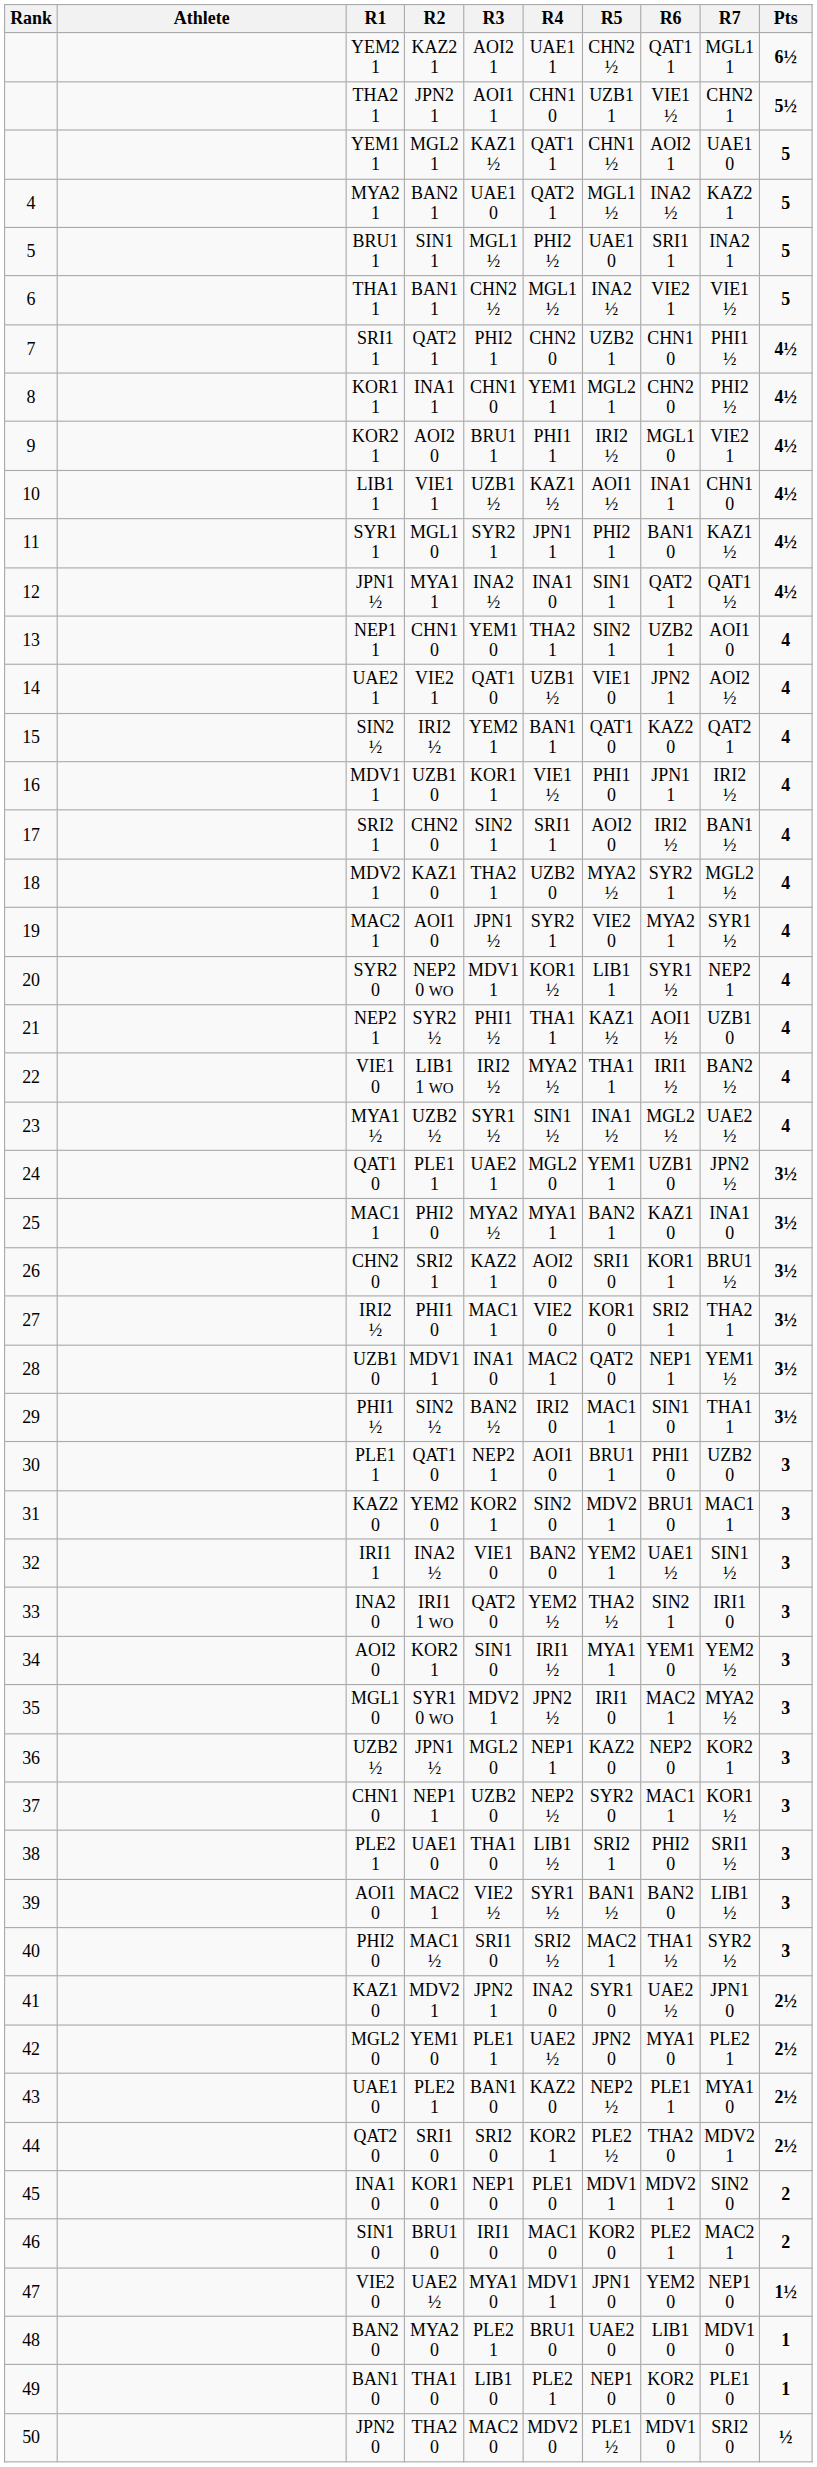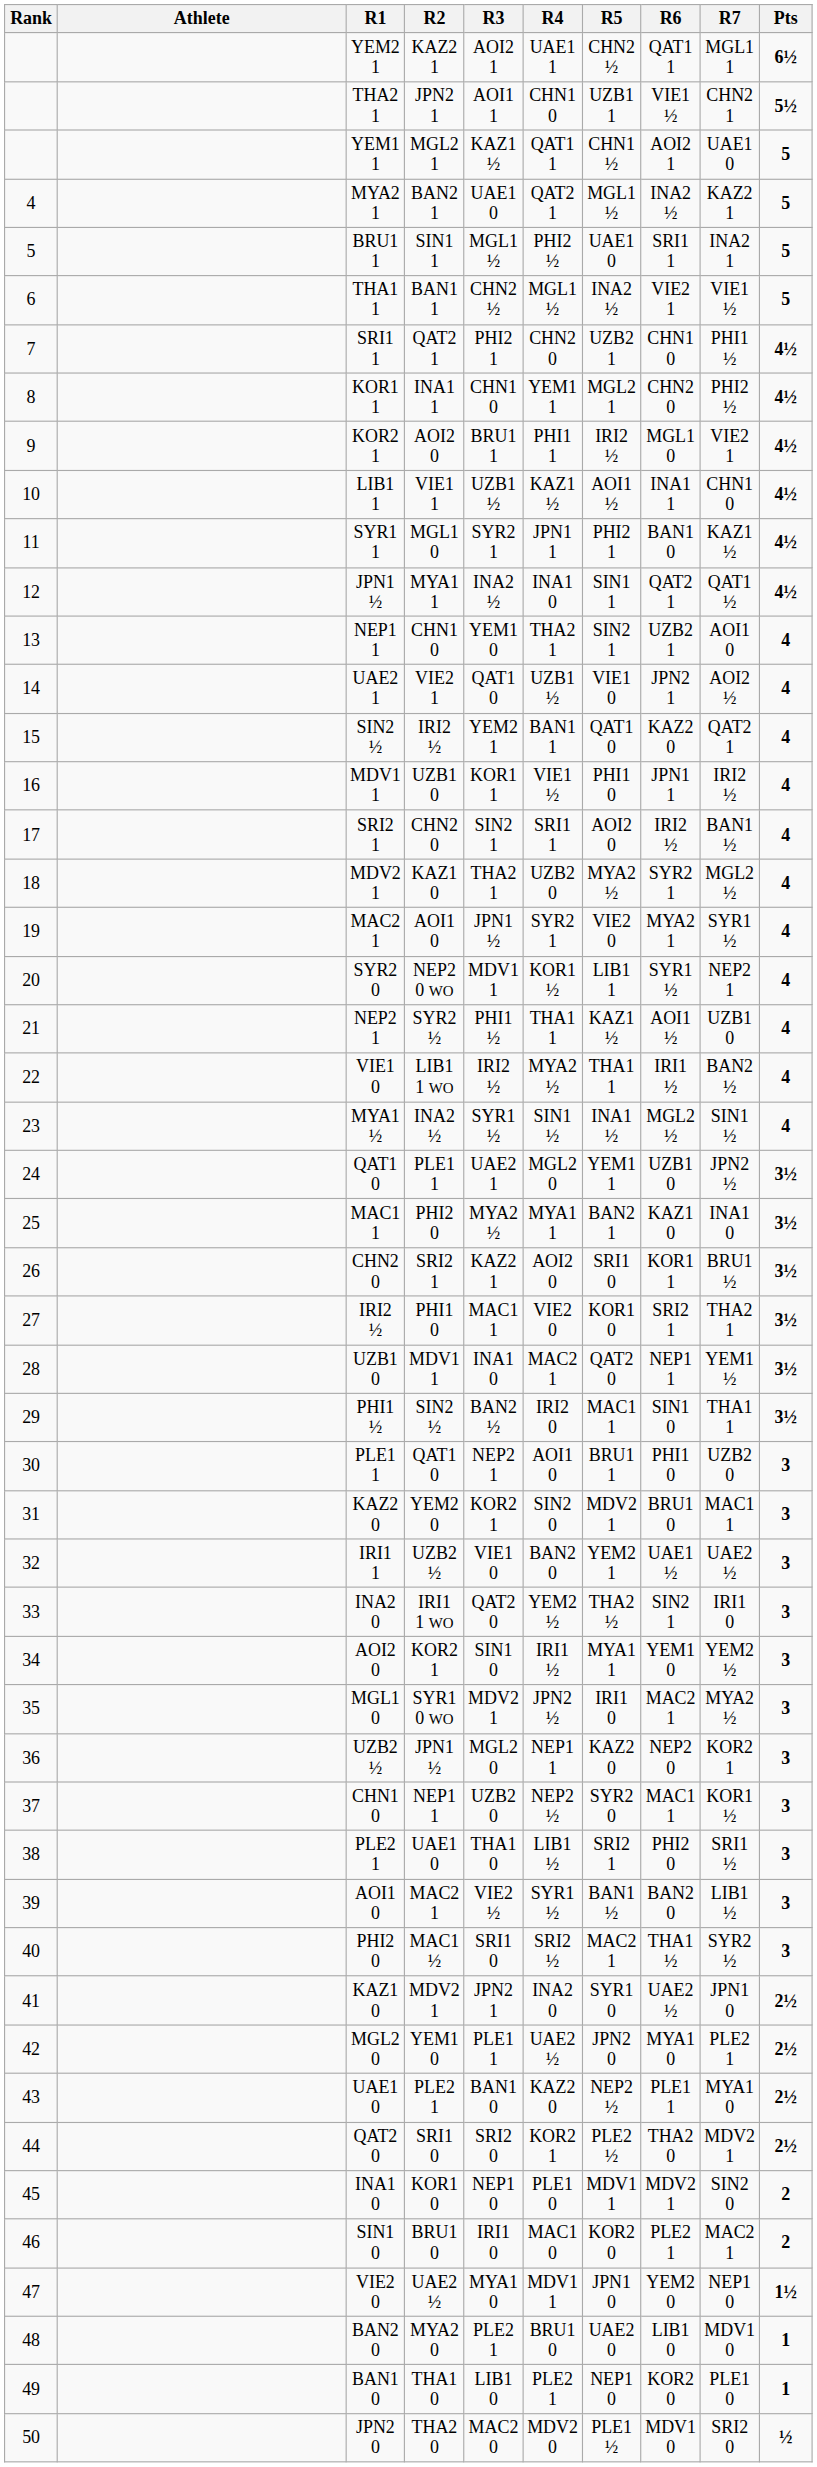 <table class=wikitable style="text-align:center">
 <tr>
 <th width=40>Rank</th>
 <th width=250>Athlete</th>
 <th width=40>R1</th>
 <th width=40>R2</th>
 <th width=40>R3</th>
 <th width=40>R4</th>
 <th width=40>R5</th>
 <th width=40>R6</th>
 <th width=40>R7</th>
 <th width=40>Pts</th>
 </tr>
 <tr>
 <td></td>
 <td align=left></td>
 <td>YEM2<br>1</td>
 <td>KAZ2<br>1</td>
 <td>AOI2<br>1</td>
 <td>UAE1<br>1</td>
 <td>CHN2<br>½</td>
 <td>QAT1<br>1</td>
 <td>MGL1<br>1</td>
 <td><strong>6½</strong></td>
 </tr>
 <tr>
 <td></td>
 <td align=left></td>
 <td>THA2<br>1</td>
 <td>JPN2<br>1</td>
 <td>AOI1<br>1</td>
 <td>CHN1<br>0</td>
 <td>UZB1<br>1</td>
 <td>VIE1<br>½</td>
 <td>CHN2<br>1</td>
 <td><strong>5½</strong></td>
 </tr>
 <tr>
 <td></td>
 <td align=left></td>
 <td>YEM1<br>1</td>
 <td>MGL2<br>1</td>
 <td>KAZ1<br>½</td>
 <td>QAT1<br>1</td>
 <td>CHN1<br>½</td>
 <td>AOI2<br>1</td>
 <td>UAE1<br>0</td>
 <td><strong>5</strong></td>
 </tr>
 <tr>
 <td>4</td>
 <td align=left></td>
 <td>MYA2<br>1</td>
 <td>BAN2<br>1</td>
 <td>UAE1<br>0</td>
 <td>QAT2<br>1</td>
 <td>MGL1<br>½</td>
 <td>INA2<br>½</td>
 <td>KAZ2<br>1</td>
 <td><strong>5</strong></td>
 </tr>
 <tr>
 <td>5</td>
 <td align=left></td>
 <td>BRU1<br>1</td>
 <td>SIN1<br>1</td>
 <td>MGL1<br>½</td>
 <td>PHI2<br>½</td>
 <td>UAE1<br>0</td>
 <td>SRI1<br>1</td>
 <td>INA2<br>1</td>
 <td><strong>5</strong></td>
 </tr>
 <tr>
 <td>6</td>
 <td align=left></td>
 <td>THA1<br>1</td>
 <td>BAN1<br>1</td>
 <td>CHN2<br>½</td>
 <td>MGL1<br>½</td>
 <td>INA2<br>½</td>
 <td>VIE2<br>1</td>
 <td>VIE1<br>½</td>
 <td><strong>5</strong></td>
 </tr>
 <tr>
 <td>7</td>
 <td align=left></td>
 <td>SRI1<br>1</td>
 <td>QAT2<br>1</td>
 <td>PHI2<br>1</td>
 <td>CHN2<br>0</td>
 <td>UZB2<br>1</td>
 <td>CHN1<br>0</td>
 <td>PHI1<br>½</td>
 <td><strong>4½</strong></td>
 </tr>
 <tr>
 <td>8</td>
 <td align=left></td>
 <td>KOR1<br>1</td>
 <td>INA1<br>1</td>
 <td>CHN1<br>0</td>
 <td>YEM1<br>1</td>
 <td>MGL2<br>1</td>
 <td>CHN2<br>0</td>
 <td>PHI2<br>½</td>
 <td><strong>4½</strong></td>
 </tr>
 <tr>
 <td>9</td>
 <td align=left></td>
 <td>KOR2<br>1</td>
 <td>AOI2<br>0</td>
 <td>BRU1<br>1</td>
 <td>PHI1<br>1</td>
 <td>IRI2<br>½</td>
 <td>MGL1<br>0</td>
 <td>VIE2<br>1</td>
 <td><strong>4½</strong></td>
 </tr>
 <tr>
 <td>10</td>
 <td align=left></td>
 <td>LIB1<br>1</td>
 <td>VIE1<br>1</td>
 <td>UZB1<br>½</td>
 <td>KAZ1<br>½</td>
 <td>AOI1<br>½</td>
 <td>INA1<br>1</td>
 <td>CHN1<br>0</td>
 <td><strong>4½</strong></td>
 </tr>
 <tr>
 <td>11</td>
 <td align=left></td>
 <td>SYR1<br>1</td>
 <td>MGL1<br>0</td>
 <td>SYR2<br>1</td>
 <td>JPN1<br>1</td>
 <td>PHI2<br>1</td>
 <td>BAN1<br>0</td>
 <td>KAZ1<br>½</td>
 <td><strong>4½</strong></td>
 </tr>
 <tr>
 <td>12</td>
 <td align=left></td>
 <td>JPN1<br>½</td>
 <td>MYA1<br>1</td>
 <td>INA2<br>½</td>
 <td>INA1<br>0</td>
 <td>SIN1<br>1</td>
 <td>QAT2<br>1</td>
 <td>QAT1<br>½</td>
 <td><strong>4½</strong></td>
 </tr>
 <tr>
 <td>13</td>
 <td align=left></td>
 <td>NEP1<br>1</td>
 <td>CHN1<br>0</td>
 <td>YEM1<br>0</td>
 <td>THA2<br>1</td>
 <td>SIN2<br>1</td>
 <td>UZB2<br>1</td>
 <td>AOI1<br>0</td>
 <td><strong>4</strong></td>
 </tr>
 <tr>
 <td>14</td>
 <td align=left></td>
 <td>UAE2<br>1</td>
 <td>VIE2<br>1</td>
 <td>QAT1<br>0</td>
 <td>UZB1<br>½</td>
 <td>VIE1<br>0</td>
 <td>JPN2<br>1</td>
 <td>AOI2<br>½</td>
 <td><strong>4</strong></td>
 </tr>
 <tr>
 <td>15</td>
 <td align=left></td>
 <td>SIN2<br>½</td>
 <td>IRI2<br>½</td>
 <td>YEM2<br>1</td>
 <td>BAN1<br>1</td>
 <td>QAT1<br>0</td>
 <td>KAZ2<br>0</td>
 <td>QAT2<br>1</td>
 <td><strong>4</strong></td>
 </tr>
 <tr>
 <td>16</td>
 <td align=left></td>
 <td>MDV1<br>1</td>
 <td>UZB1<br>0</td>
 <td>KOR1<br>1</td>
 <td>VIE1<br>½</td>
 <td>PHI1<br>0</td>
 <td>JPN1<br>1</td>
 <td>IRI2<br>½</td>
 <td><strong>4</strong></td>
 </tr>
 <tr>
 <td>17</td>
 <td align=left></td>
 <td>SRI2<br>1</td>
 <td>CHN2<br>0</td>
 <td>SIN2<br>1</td>
 <td>SRI1<br>1</td>
 <td>AOI2<br>0</td>
 <td>IRI2<br>½</td>
 <td>BAN1<br>½</td>
 <td><strong>4</strong></td>
 </tr>
 <tr>
 <td>18</td>
 <td align=left></td>
 <td>MDV2<br>1</td>
 <td>KAZ1<br>0</td>
 <td>THA2<br>1</td>
 <td>UZB2<br>0</td>
 <td>MYA2<br>½</td>
 <td>SYR2<br>1</td>
 <td>MGL2<br>½</td>
 <td><strong>4</strong></td>
 </tr>
 <tr>
 <td>19</td>
 <td align=left></td>
 <td>MAC2<br>1</td>
 <td>AOI1<br>0</td>
 <td>JPN1<br>½</td>
 <td>SYR2<br>1</td>
 <td>VIE2<br>0</td>
 <td>MYA2<br>1</td>
 <td>SYR1<br>½</td>
 <td><strong>4</strong></td>
 </tr>
 <tr>
 <td>20</td>
 <td align=left></td>
 <td>SYR2<br>0</td>
 <td>NEP2<br>0 <small>WO</small></td>
 <td>MDV1<br>1</td>
 <td>KOR1<br>½</td>
 <td>LIB1<br>1</td>
 <td>SYR1<br>½</td>
 <td>NEP2<br>1</td>
 <td><strong>4</strong></td>
 </tr>
 <tr>
 <td>21</td>
 <td align=left></td>
 <td>NEP2<br>1</td>
 <td>SYR2<br>½</td>
 <td>PHI1<br>½</td>
 <td>THA1<br>1</td>
 <td>KAZ1<br>½</td>
 <td>AOI1<br>½</td>
 <td>UZB1<br>0</td>
 <td><strong>4</strong></td>
 </tr>
 <tr>
 <td>22</td>
 <td align=left></td>
 <td>VIE1<br>0</td>
 <td>LIB1<br>1 <small>WO</small></td>
 <td>IRI2<br>½</td>
 <td>MYA2<br>½</td>
 <td>THA1<br>1</td>
 <td>IRI1<br>½</td>
 <td>BAN2<br>½</td>
 <td><strong>4</strong></td>
 </tr>
 <tr>
 <td>23</td>
 <td align=left></td>
 <td>MYA1<br>½</td>
-<td>UZB2<br>½</td>
+<td>INA2<br>½</td>
 <td>SYR1<br>½</td>
 <td>SIN1<br>½</td>
 <td>INA1<br>½</td>
 <td>MGL2<br>½</td>
-<td>UAE2<br>½</td>
+<td>SIN1<br>½</td>
 <td><strong>4</strong></td>
 </tr>
 <tr>
 <td>24</td>
 <td align=left></td>
 <td>QAT1<br>0</td>
 <td>PLE1<br>1</td>
 <td>UAE2<br>1</td>
 <td>MGL2<br>0</td>
 <td>YEM1<br>1</td>
 <td>UZB1<br>0</td>
 <td>JPN2<br>½</td>
 <td><strong>3½</strong></td>
 </tr>
 <tr>
 <td>25</td>
 <td align=left></td>
 <td>MAC1<br>1</td>
 <td>PHI2<br>0</td>
 <td>MYA2<br>½</td>
 <td>MYA1<br>1</td>
 <td>BAN2<br>1</td>
 <td>KAZ1<br>0</td>
 <td>INA1<br>0</td>
 <td><strong>3½</strong></td>
 </tr>
 <tr>
 <td>26</td>
 <td align=left></td>
 <td>CHN2<br>0</td>
 <td>SRI2<br>1</td>
 <td>KAZ2<br>1</td>
 <td>AOI2<br>0</td>
 <td>SRI1<br>0</td>
 <td>KOR1<br>1</td>
 <td>BRU1<br>½</td>
 <td><strong>3½</strong></td>
 </tr>
 <tr>
 <td>27</td>
 <td align=left></td>
 <td>IRI2<br>½</td>
 <td>PHI1<br>0</td>
 <td>MAC1<br>1</td>
 <td>VIE2<br>0</td>
 <td>KOR1<br>0</td>
 <td>SRI2<br>1</td>
 <td>THA2<br>1</td>
 <td><strong>3½</strong></td>
 </tr>
 <tr>
 <td>28</td>
 <td align=left></td>
 <td>UZB1<br>0</td>
 <td>MDV1<br>1</td>
 <td>INA1<br>0</td>
 <td>MAC2<br>1</td>
 <td>QAT2<br>0</td>
 <td>NEP1<br>1</td>
 <td>YEM1<br>½</td>
 <td><strong>3½</strong></td>
 </tr>
 <tr>
 <td>29</td>
 <td align=left></td>
 <td>PHI1<br>½</td>
 <td>SIN2<br>½</td>
 <td>BAN2<br>½</td>
 <td>IRI2<br>0</td>
 <td>MAC1<br>1</td>
 <td>SIN1<br>0</td>
 <td>THA1<br>1</td>
 <td><strong>3½</strong></td>
 </tr>
 <tr>
 <td>30</td>
 <td align=left></td>
 <td>PLE1<br>1</td>
 <td>QAT1<br>0</td>
 <td>NEP2<br>1</td>
 <td>AOI1<br>0</td>
 <td>BRU1<br>1</td>
 <td>PHI1<br>0</td>
 <td>UZB2<br>0</td>
 <td><strong>3</strong></td>
 </tr>
 <tr>
 <td>31</td>
 <td align=left></td>
 <td>KAZ2<br>0</td>
 <td>YEM2<br>0</td>
 <td>KOR2<br>1</td>
 <td>SIN2<br>0</td>
 <td>MDV2<br>1</td>
 <td>BRU1<br>0</td>
 <td>MAC1<br>1</td>
 <td><strong>3</strong></td>
 </tr>
 <tr>
 <td>32</td>
 <td align=left></td>
 <td>IRI1<br>1</td>
-<td>INA2<br>½</td>
+<td>UZB2<br>½</td>
 <td>VIE1<br>0</td>
 <td>BAN2<br>0</td>
 <td>YEM2<br>1</td>
 <td>UAE1<br>½</td>
-<td>SIN1<br>½</td>
+<td>UAE2<br>½</td>
 <td><strong>3</strong></td>
 </tr>
 <tr>
 <td>33</td>
 <td align=left></td>
 <td>INA2<br>0</td>
 <td>IRI1<br>1 <small>WO</small></td>
 <td>QAT2<br>0</td>
 <td>YEM2<br>½</td>
 <td>THA2<br>½</td>
 <td>SIN2<br>1</td>
 <td>IRI1<br>0</td>
 <td><strong>3</strong></td>
 </tr>
 <tr>
 <td>34</td>
 <td align=left></td>
 <td>AOI2<br>0</td>
 <td>KOR2<br>1</td>
 <td>SIN1<br>0</td>
 <td>IRI1<br>½</td>
 <td>MYA1<br>1</td>
 <td>YEM1<br>0</td>
 <td>YEM2<br>½</td>
 <td><strong>3</strong></td>
 </tr>
 <tr>
 <td>35</td>
 <td align=left></td>
 <td>MGL1<br>0</td>
 <td>SYR1<br>0 <small>WO</small></td>
 <td>MDV2<br>1</td>
 <td>JPN2<br>½</td>
 <td>IRI1<br>0</td>
 <td>MAC2<br>1</td>
 <td>MYA2<br>½</td>
 <td><strong>3</strong></td>
 </tr>
 <tr>
 <td>36</td>
 <td align=left></td>
 <td>UZB2<br>½</td>
 <td>JPN1<br>½</td>
 <td>MGL2<br>0</td>
 <td>NEP1<br>1</td>
 <td>KAZ2<br>0</td>
 <td>NEP2<br>0</td>
 <td>KOR2<br>1</td>
 <td><strong>3</strong></td>
 </tr>
 <tr>
 <td>37</td>
 <td align=left></td>
 <td>CHN1<br>0</td>
 <td>NEP1<br>1</td>
 <td>UZB2<br>0</td>
 <td>NEP2<br>½</td>
 <td>SYR2<br>0</td>
 <td>MAC1<br>1</td>
 <td>KOR1<br>½</td>
 <td><strong>3</strong></td>
 </tr>
 <tr>
 <td>38</td>
 <td align=left></td>
 <td>PLE2<br>1</td>
 <td>UAE1<br>0</td>
 <td>THA1<br>0</td>
 <td>LIB1<br>½</td>
 <td>SRI2<br>1</td>
 <td>PHI2<br>0</td>
 <td>SRI1<br>½</td>
 <td><strong>3</strong></td>
 </tr>
 <tr>
 <td>39</td>
 <td align=left></td>
 <td>AOI1<br>0</td>
 <td>MAC2<br>1</td>
 <td>VIE2<br>½</td>
 <td>SYR1<br>½</td>
 <td>BAN1<br>½</td>
 <td>BAN2<br>0</td>
 <td>LIB1<br>½</td>
 <td><strong>3</strong></td>
 </tr>
 <tr>
 <td>40</td>
 <td align=left></td>
 <td>PHI2<br>0</td>
 <td>MAC1<br>½</td>
 <td>SRI1<br>0</td>
 <td>SRI2<br>½</td>
 <td>MAC2<br>1</td>
 <td>THA1<br>½</td>
 <td>SYR2<br>½</td>
 <td><strong>3</strong></td>
 </tr>
 <tr>
 <td>41</td>
 <td align=left></td>
 <td>KAZ1<br>0</td>
 <td>MDV2<br>1</td>
 <td>JPN2<br>1</td>
 <td>INA2<br>0</td>
 <td>SYR1<br>0</td>
 <td>UAE2<br>½</td>
 <td>JPN1<br>0</td>
 <td><strong>2½</strong></td>
 </tr>
 <tr>
 <td>42</td>
 <td align=left></td>
 <td>MGL2<br>0</td>
 <td>YEM1<br>0</td>
 <td>PLE1<br>1</td>
 <td>UAE2<br>½</td>
 <td>JPN2<br>0</td>
 <td>MYA1<br>0</td>
 <td>PLE2<br>1</td>
 <td><strong>2½</strong></td>
 </tr>
 <tr>
 <td>43</td>
 <td align=left></td>
 <td>UAE1<br>0</td>
 <td>PLE2<br>1</td>
 <td>BAN1<br>0</td>
 <td>KAZ2<br>0</td>
 <td>NEP2<br>½</td>
 <td>PLE1<br>1</td>
 <td>MYA1<br>0</td>
 <td><strong>2½</strong></td>
 </tr>
 <tr>
 <td>44</td>
 <td align=left></td>
 <td>QAT2<br>0</td>
 <td>SRI1<br>0</td>
 <td>SRI2<br>0</td>
 <td>KOR2<br>1</td>
 <td>PLE2<br>½</td>
 <td>THA2<br>0</td>
 <td>MDV2<br>1</td>
 <td><strong>2½</strong></td>
 </tr>
 <tr>
 <td>45</td>
 <td align=left></td>
 <td>INA1<br>0</td>
 <td>KOR1<br>0</td>
 <td>NEP1<br>0</td>
 <td>PLE1<br>0</td>
 <td>MDV1<br>1</td>
 <td>MDV2<br>1</td>
 <td>SIN2<br>0</td>
 <td><strong>2</strong></td>
 </tr>
 <tr>
 <td>46</td>
 <td align=left></td>
 <td>SIN1<br>0</td>
 <td>BRU1<br>0</td>
 <td>IRI1<br>0</td>
 <td>MAC1<br>0</td>
 <td>KOR2<br>0</td>
 <td>PLE2<br>1</td>
 <td>MAC2<br>1</td>
 <td><strong>2</strong></td>
 </tr>
 <tr>
 <td>47</td>
 <td align=left></td>
 <td>VIE2<br>0</td>
 <td>UAE2<br>½</td>
 <td>MYA1<br>0</td>
 <td>MDV1<br>1</td>
 <td>JPN1<br>0</td>
 <td>YEM2<br>0</td>
 <td>NEP1<br>0</td>
 <td><strong>1½</strong></td>
 </tr>
 <tr>
 <td>48</td>
 <td align=left></td>
 <td>BAN2<br>0</td>
 <td>MYA2<br>0</td>
 <td>PLE2<br>1</td>
 <td>BRU1<br>0</td>
 <td>UAE2<br>0</td>
 <td>LIB1<br>0</td>
 <td>MDV1<br>0</td>
 <td><strong>1</strong></td>
 </tr>
 <tr>
 <td>49</td>
 <td align=left></td>
 <td>BAN1<br>0</td>
 <td>THA1<br>0</td>
 <td>LIB1<br>0</td>
 <td>PLE2<br>1</td>
 <td>NEP1<br>0</td>
 <td>KOR2<br>0</td>
 <td>PLE1<br>0</td>
 <td><strong>1</strong></td>
 </tr>
 <tr>
 <td>50</td>
 <td align=left></td>
 <td>JPN2<br>0</td>
 <td>THA2<br>0</td>
 <td>MAC2<br>0</td>
 <td>MDV2<br>0</td>
 <td>PLE1<br>½</td>
 <td>MDV1<br>0</td>
 <td>SRI2<br>0</td>
 <td><strong>½</strong></td>
 </tr>
 </table>
